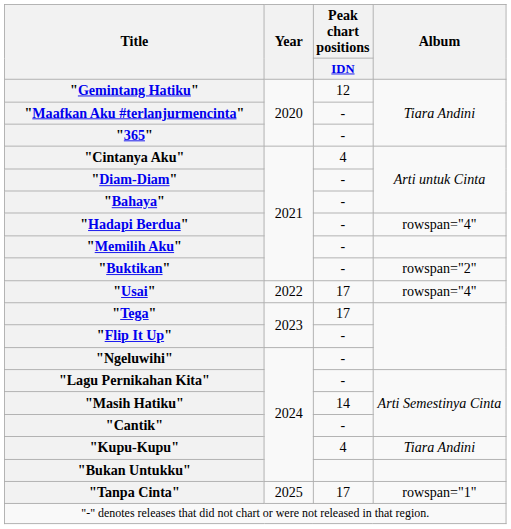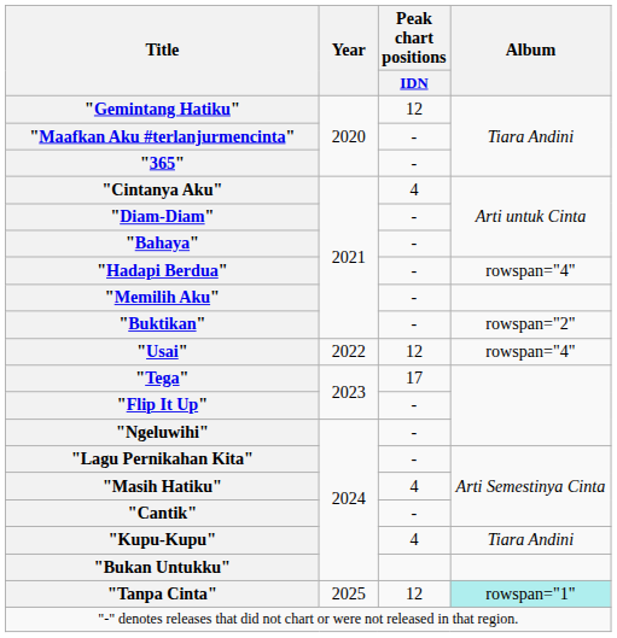 <table class="wikitable plainrowheaders" style="text-align:center">
 <tr>
 <th rowspan="2" scope="col" style="width:18em;">Title</th>
 <th rowspan="2" scope="col" style="width:3em;">Year</th>
 <th colspan="1" scope="col">Peak chart<br>positions</th>
 <th rowspan="2" scope="col" style="width:9em;">Album</th>
 </tr>
 <tr>
 <th scope="col" style="width:3em;font-size:90%"><a href='#'>IDN</a><br></th>
 </tr>
 <tr>
 <th scope="row">"<a href='#'>Gemintang Hatiku</a>"</th>
 <td rowspan="3">2020</td>
 <td>12</td>
 <td rowspan="3"><em>Tiara Andini</em></td>
 </tr>
 <tr>
 <th scope="row">"<a href='#'>Maafkan Aku #terlanjurmencinta</a>"</th>
 <td>-</td>
 </tr>
 <tr>
 <th scope="row">"<a href='#'>365</a>"</th>
 <td>-</td>
 </tr>
 <tr>
 <th scope="row">"Cintanya Aku"<br></th>
 <td rowspan="6">2021</td>
 <td>4</td>
 <td rowspan="3"><em>Arti untuk Cinta</em></td>
 </tr>
 <tr>
 <th scope="row">"<a href='#'>Diam-Diam</a>"<br></th>
 <td>-</td>
 </tr>
 <tr>
 <th scope="row">"<a href='#'>Bahaya</a>"<br></th>
 <td>-</td>
 </tr>
 <tr>
 <th scope="row">"<a href='#'>Hadapi Berdua</a>"</th>
 <td>-</td>
 <td>rowspan="4" </td>
 </tr>
 <tr>
 <th scope="row">"<a href='#'>Memilih Aku</a>" <br></th>
 <td>-</td>
 <td></td>
 </tr>
 <tr>
 <th scope="row">"<a href='#'>Buktikan</a>" <br></th>
 <td>-</td>
 <td>rowspan="2" </td>
 </tr>
 <tr>
 <th scope="row">"<a href='#'>Usai</a>"</th>
 <td>2022</td>
-<td>17</td>
+<td>12</td>
 <td>rowspan="4" </td>
 </tr>
 <tr>
 <th scope="row">"<a href='#'>Tega</a>"</th>
 <td rowspan="2">2023</td>
 <td>17</td>
 </tr>
 <tr>
 <th scope="row">"<a href='#'>Flip It Up</a>"</th>
 <td>-</td>
 </tr>
 <tr>
 <th scope="row">"Ngeluwihi"</th>
 <td rowspan="6">2024</td>
 <td>-</td>
 </tr>
 <tr>
 <th scope="row">"Lagu Pernikahan Kita"<br></th>
 <td>-</td>
 <td rowspan="3"><em>Arti Semestinya Cinta</em></td>
 </tr>
 <tr>
 <th scope="row">"Masih Hatiku"<br></th>
-<td>14</td>
+<td>4</td>
 </tr>
 <tr>
 <th scope="row">"Cantik"<br></th>
 <td>-</td>
 </tr>
 <tr>
 <th scope="row">"Kupu-Kupu"</th>
 <td>4</td>
 <td><em>Tiara Andini</em></td>
 </tr>
 <tr>
 <th scope="row">"Bukan Untukku"</th>
 <td></td>
 </tr>
 <tr>
 <th scope="row">"Tanpa Cinta"<br></th>
 <td rowspan="1">2025</td>
-<td>17</td>
-<td>rowspan="1" </td>
+<td>12</td>
+<td style="background: paleturquoise;">rowspan="1" </td>
 </tr>
 <tr>
 <td colspan="4" style="font-size:85%">"-" denotes releases that did not chart or were not released in that region.</td>
 </tr>
 </table>
